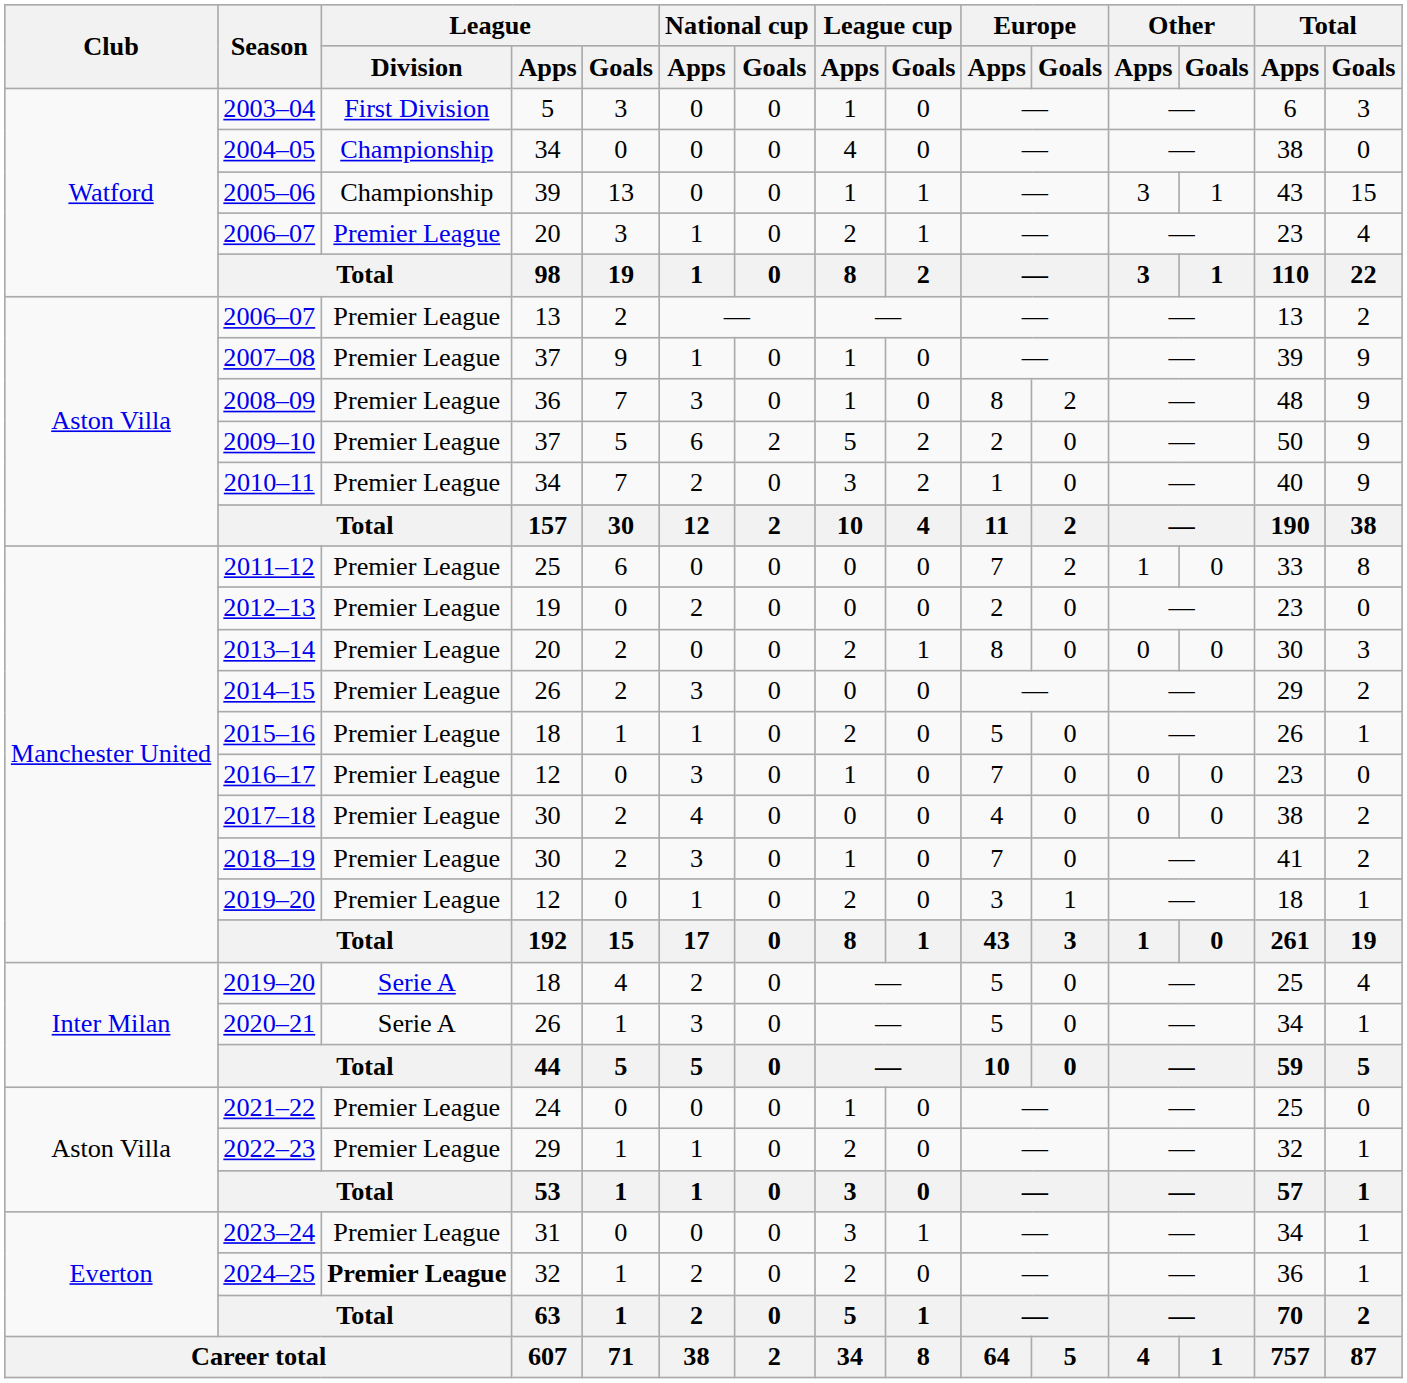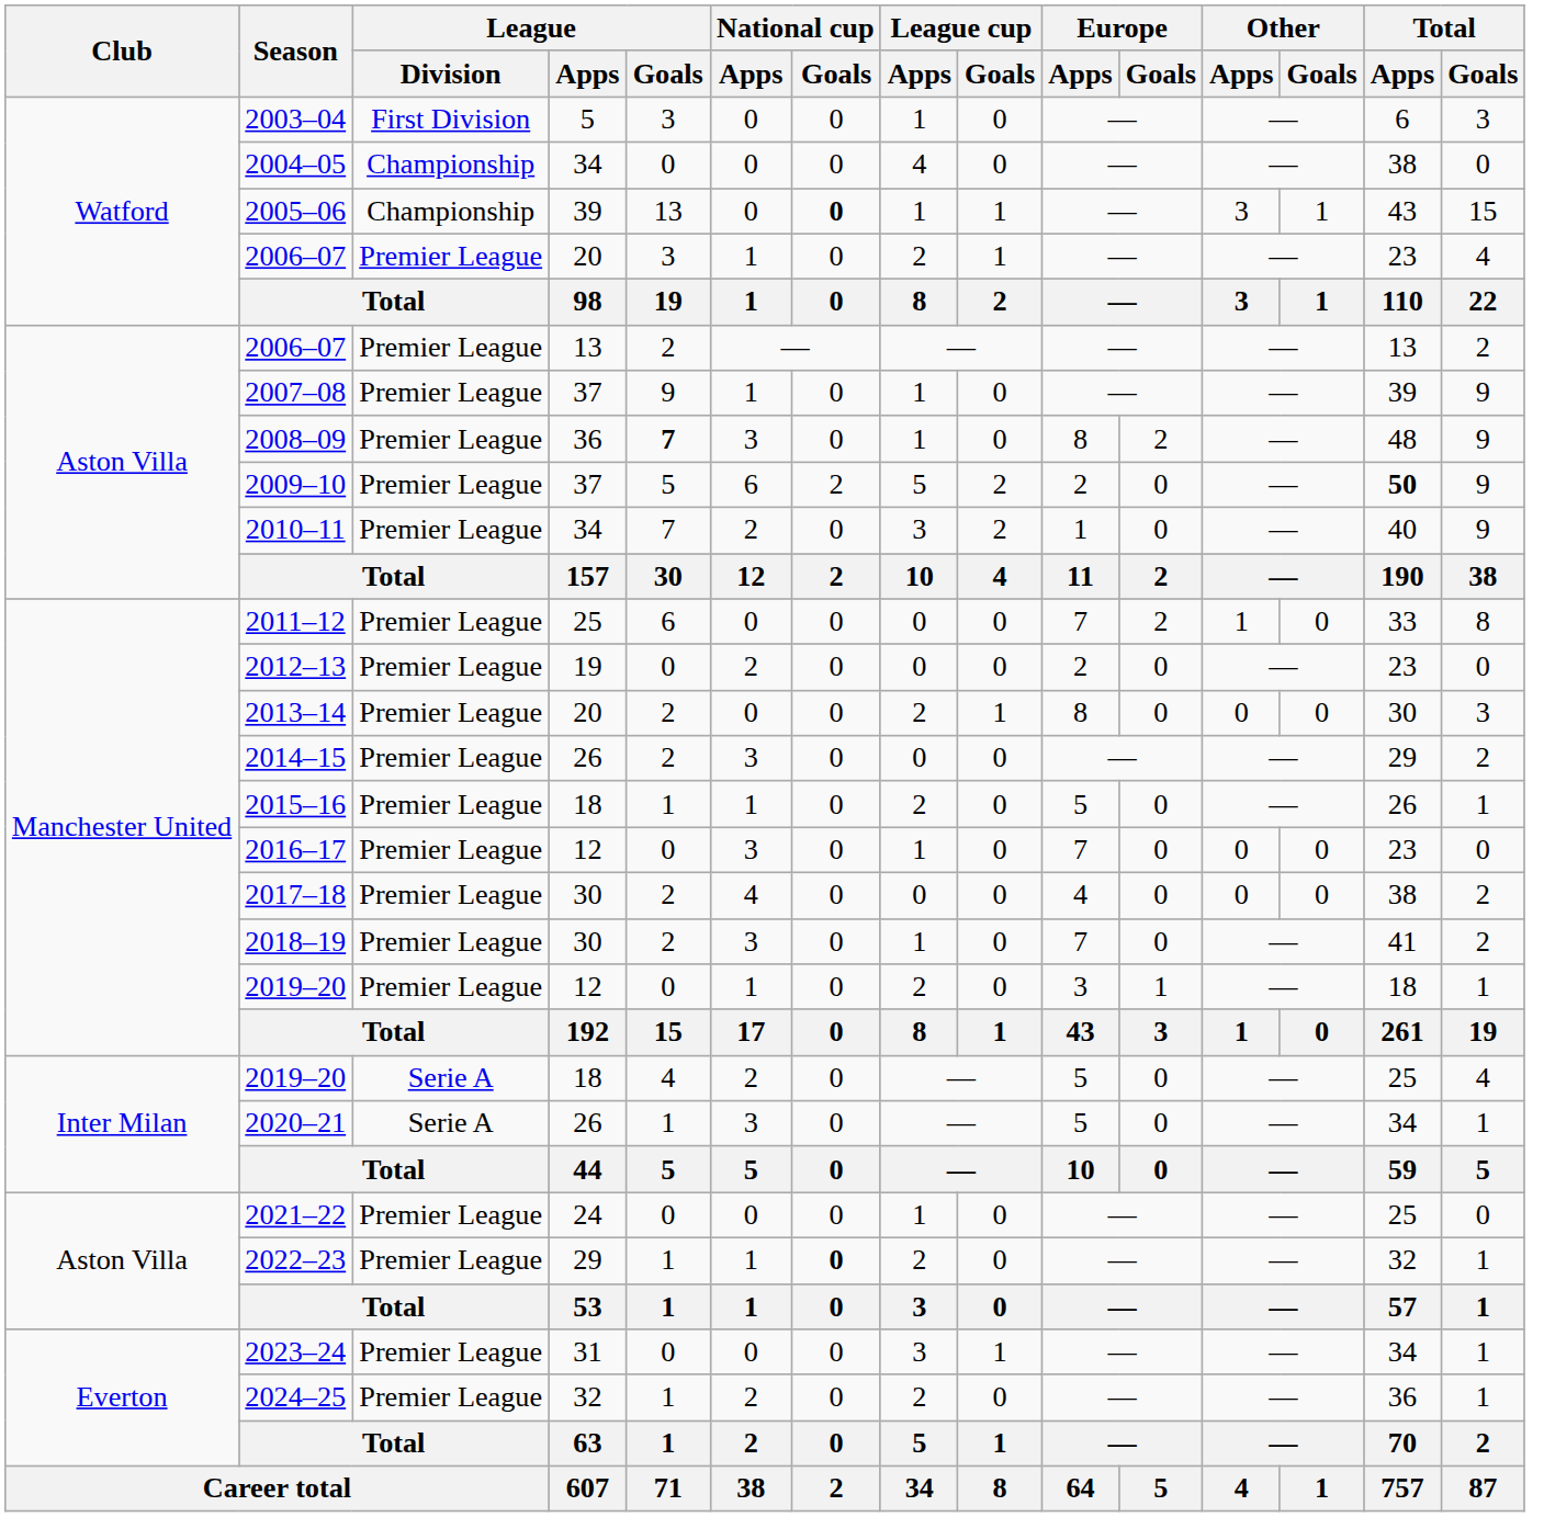 <table class=wikitable style=text-align:center>
 <tr>
 <th rowspan=2>Club</th>
 <th rowspan=2>Season</th>
 <th colspan=3>League</th>
 <th colspan=2>National cup</th>
 <th colspan=2>League cup</th>
 <th colspan=2>Europe</th>
 <th colspan=2>Other</th>
 <th colspan=2>Total</th>
 </tr>
 <tr>
 <th>Division</th>
 <th>Apps</th>
 <th>Goals</th>
 <th>Apps</th>
 <th>Goals</th>
 <th>Apps</th>
 <th>Goals</th>
 <th>Apps</th>
 <th>Goals</th>
 <th>Apps</th>
 <th>Goals</th>
 <th>Apps</th>
 <th>Goals</th>
 </tr>
 <tr>
 <td rowspan=5><a href='#'>Watford</a></td>
 <td><a href='#'>2003–04</a></td>
 <td><a href='#'>First Division</a></td>
 <td>5</td>
 <td>3</td>
 <td>0</td>
 <td>0</td>
 <td>1</td>
 <td>0</td>
 <td colspan=2>—</td>
 <td colspan=2>—</td>
 <td>6</td>
 <td>3</td>
 </tr>
 <tr>
 <td><a href='#'>2004–05</a></td>
 <td><a href='#'>Championship</a></td>
 <td>34</td>
 <td>0</td>
 <td>0</td>
 <td>0</td>
 <td>4</td>
 <td>0</td>
 <td colspan=2>—</td>
 <td colspan=2>—</td>
 <td>38</td>
 <td>0</td>
 </tr>
 <tr>
 <td><a href='#'>2005–06</a></td>
 <td>Championship</td>
 <td>39</td>
 <td>13</td>
 <td>0</td>
-<td>0</td>
+<td><strong>0</strong></td>
 <td>1</td>
 <td>1</td>
 <td colspan=2>—</td>
 <td>3</td>
 <td>1</td>
 <td>43</td>
 <td>15</td>
 </tr>
 <tr>
 <td><a href='#'>2006–07</a></td>
 <td><a href='#'>Premier League</a></td>
 <td>20</td>
 <td>3</td>
 <td>1</td>
 <td>0</td>
 <td>2</td>
 <td>1</td>
 <td colspan=2>—</td>
 <td colspan=2>—</td>
 <td>23</td>
 <td>4</td>
 </tr>
 <tr>
 <th colspan=2>Total</th>
 <th>98</th>
 <th>19</th>
 <th>1</th>
 <th>0</th>
 <th>8</th>
 <th>2</th>
 <th colspan=2>—</th>
 <th>3</th>
 <th>1</th>
 <th>110</th>
 <th>22</th>
 </tr>
 <tr>
 <td rowspan=6><a href='#'>Aston Villa</a></td>
 <td><a href='#'>2006–07</a></td>
 <td>Premier League</td>
 <td>13</td>
 <td>2</td>
 <td colspan=2>—</td>
 <td colspan=2>—</td>
 <td colspan=2>—</td>
 <td colspan=2>—</td>
 <td>13</td>
 <td>2</td>
 </tr>
 <tr>
 <td><a href='#'>2007–08</a></td>
 <td>Premier League</td>
 <td>37</td>
 <td>9</td>
 <td>1</td>
 <td>0</td>
 <td>1</td>
 <td>0</td>
 <td colspan=2>—</td>
 <td colspan=2>—</td>
 <td>39</td>
 <td>9</td>
 </tr>
 <tr>
 <td><a href='#'>2008–09</a></td>
 <td>Premier League</td>
 <td>36</td>
-<td>7</td>
+<td><strong>7</strong></td>
 <td>3</td>
 <td>0</td>
 <td>1</td>
 <td>0</td>
 <td>8</td>
 <td>2</td>
 <td colspan=2>—</td>
 <td>48</td>
 <td>9</td>
 </tr>
 <tr>
 <td><a href='#'>2009–10</a></td>
 <td>Premier League</td>
 <td>37</td>
 <td>5</td>
 <td>6</td>
 <td>2</td>
 <td>5</td>
 <td>2</td>
 <td>2</td>
 <td>0</td>
 <td colspan=2>—</td>
-<td>50</td>
+<td><strong>50</strong></td>
 <td>9</td>
 </tr>
 <tr>
 <td><a href='#'>2010–11</a></td>
 <td>Premier League</td>
 <td>34</td>
 <td>7</td>
 <td>2</td>
 <td>0</td>
 <td>3</td>
 <td>2</td>
 <td>1</td>
 <td>0</td>
 <td colspan=2>—</td>
 <td>40</td>
 <td>9</td>
 </tr>
 <tr>
 <th colspan=2>Total</th>
 <th>157</th>
 <th>30</th>
 <th>12</th>
 <th>2</th>
 <th>10</th>
 <th>4</th>
 <th>11</th>
 <th>2</th>
 <th colspan=2>—</th>
 <th>190</th>
 <th>38</th>
 </tr>
 <tr>
 <td rowspan=10><a href='#'>Manchester United</a></td>
 <td><a href='#'>2011–12</a></td>
 <td>Premier League</td>
 <td>25</td>
 <td>6</td>
 <td>0</td>
 <td>0</td>
 <td>0</td>
 <td>0</td>
 <td>7</td>
 <td>2</td>
 <td>1</td>
 <td>0</td>
 <td>33</td>
 <td>8</td>
 </tr>
 <tr>
 <td><a href='#'>2012–13</a></td>
 <td>Premier League</td>
 <td>19</td>
 <td>0</td>
 <td>2</td>
 <td>0</td>
 <td>0</td>
 <td>0</td>
 <td>2</td>
 <td>0</td>
 <td colspan=2>—</td>
 <td>23</td>
 <td>0</td>
 </tr>
 <tr>
 <td><a href='#'>2013–14</a></td>
 <td>Premier League</td>
 <td>20</td>
 <td>2</td>
 <td>0</td>
 <td>0</td>
 <td>2</td>
 <td>1</td>
 <td>8</td>
 <td>0</td>
 <td>0</td>
 <td>0</td>
 <td>30</td>
 <td>3</td>
 </tr>
 <tr>
 <td><a href='#'>2014–15</a></td>
 <td>Premier League</td>
 <td>26</td>
 <td>2</td>
 <td>3</td>
 <td>0</td>
 <td>0</td>
 <td>0</td>
 <td colspan=2>—</td>
 <td colspan=2>—</td>
 <td>29</td>
 <td>2</td>
 </tr>
 <tr>
 <td><a href='#'>2015–16</a></td>
 <td>Premier League</td>
 <td>18</td>
 <td>1</td>
 <td>1</td>
 <td>0</td>
 <td>2</td>
 <td>0</td>
 <td>5</td>
 <td>0</td>
 <td colspan=2>—</td>
 <td>26</td>
 <td>1</td>
 </tr>
 <tr>
 <td><a href='#'>2016–17</a></td>
 <td>Premier League</td>
 <td>12</td>
 <td>0</td>
 <td>3</td>
 <td>0</td>
 <td>1</td>
 <td>0</td>
 <td>7</td>
 <td>0</td>
 <td>0</td>
 <td>0</td>
 <td>23</td>
 <td>0</td>
 </tr>
 <tr>
 <td><a href='#'>2017–18</a></td>
 <td>Premier League</td>
 <td>30</td>
 <td>2</td>
 <td>4</td>
 <td>0</td>
 <td>0</td>
 <td>0</td>
 <td>4</td>
 <td>0</td>
 <td>0</td>
 <td>0</td>
 <td>38</td>
 <td>2</td>
 </tr>
 <tr>
 <td><a href='#'>2018–19</a></td>
 <td>Premier League</td>
 <td>30</td>
 <td>2</td>
 <td>3</td>
 <td>0</td>
 <td>1</td>
 <td>0</td>
 <td>7</td>
 <td>0</td>
 <td colspan=2>—</td>
 <td>41</td>
 <td>2</td>
 </tr>
 <tr>
 <td><a href='#'>2019–20</a></td>
 <td>Premier League</td>
 <td>12</td>
 <td>0</td>
 <td>1</td>
 <td>0</td>
 <td>2</td>
 <td>0</td>
 <td>3</td>
 <td>1</td>
 <td colspan=2>—</td>
 <td>18</td>
 <td>1</td>
 </tr>
 <tr>
 <th colspan=2>Total</th>
 <th>192</th>
 <th>15</th>
 <th>17</th>
 <th>0</th>
 <th>8</th>
 <th>1</th>
 <th>43</th>
 <th>3</th>
 <th>1</th>
 <th>0</th>
 <th>261</th>
 <th>19</th>
 </tr>
 <tr>
 <td rowspan=3><a href='#'>Inter Milan</a></td>
 <td><a href='#'>2019–20</a></td>
 <td><a href='#'>Serie A</a></td>
 <td>18</td>
 <td>4</td>
 <td>2</td>
 <td>0</td>
 <td colspan=2>—</td>
 <td>5</td>
 <td>0</td>
 <td colspan=2>—</td>
 <td>25</td>
 <td>4</td>
 </tr>
 <tr>
 <td><a href='#'>2020–21</a></td>
 <td>Serie A</td>
 <td>26</td>
 <td>1</td>
 <td>3</td>
 <td>0</td>
 <td colspan=2>—</td>
 <td>5</td>
 <td>0</td>
 <td colspan=2>—</td>
 <td>34</td>
 <td>1</td>
 </tr>
 <tr>
 <th colspan=2>Total</th>
 <th>44</th>
 <th>5</th>
 <th>5</th>
 <th>0</th>
 <th colspan=2>—</th>
 <th>10</th>
 <th>0</th>
 <th colspan=2>—</th>
 <th>59</th>
 <th>5</th>
 </tr>
 <tr>
 <td rowspan=3>Aston Villa</td>
 <td><a href='#'>2021–22</a></td>
 <td>Premier League</td>
 <td>24</td>
 <td>0</td>
 <td>0</td>
 <td>0</td>
 <td>1</td>
 <td>0</td>
 <td colspan=2>—</td>
 <td colspan=2>—</td>
 <td>25</td>
 <td>0</td>
 </tr>
 <tr>
 <td><a href='#'>2022–23</a></td>
 <td>Premier League</td>
 <td>29</td>
 <td>1</td>
 <td>1</td>
-<td>0</td>
+<td><strong>0</strong></td>
 <td>2</td>
 <td>0</td>
 <td colspan=2>—</td>
 <td colspan=2>—</td>
 <td>32</td>
 <td>1</td>
 </tr>
 <tr>
 <th colspan=2>Total</th>
 <th>53</th>
 <th>1</th>
 <th>1</th>
 <th>0</th>
 <th>3</th>
 <th>0</th>
 <th colspan=2>—</th>
 <th colspan=2>—</th>
 <th>57</th>
 <th>1</th>
 </tr>
 <tr>
 <td rowspan=3><a href='#'>Everton</a></td>
 <td><a href='#'>2023–24</a></td>
 <td>Premier League</td>
 <td>31</td>
 <td>0</td>
 <td>0</td>
 <td>0</td>
 <td>3</td>
 <td>1</td>
 <td colspan=2>—</td>
 <td colspan=2>—</td>
 <td>34</td>
 <td>1</td>
 </tr>
 <tr>
 <td><a href='#'>2024–25</a></td>
-<td><strong>Premier League</strong></td>
+<td>Premier League</td>
 <td>32</td>
 <td>1</td>
 <td>2</td>
 <td>0</td>
 <td>2</td>
 <td>0</td>
 <td colspan=2>—</td>
 <td colspan=2>—</td>
 <td>36</td>
 <td>1</td>
 </tr>
 <tr>
 <th colspan=2>Total</th>
 <th>63</th>
 <th>1</th>
 <th>2</th>
 <th>0</th>
 <th>5</th>
 <th>1</th>
 <th colspan=2>—</th>
 <th colspan=2>—</th>
 <th>70</th>
 <th>2</th>
 </tr>
 <tr>
 <th colspan=3>Career total</th>
 <th>607</th>
 <th>71</th>
 <th>38</th>
 <th>2</th>
 <th>34</th>
 <th>8</th>
 <th>64</th>
 <th>5</th>
 <th>4</th>
 <th>1</th>
 <th>757</th>
 <th>87</th>
 </tr>
 </table>
